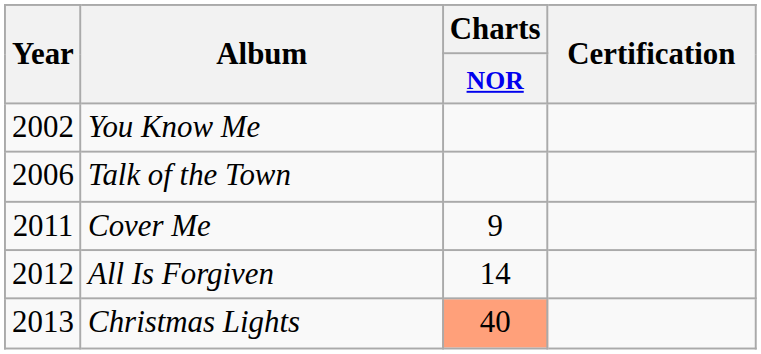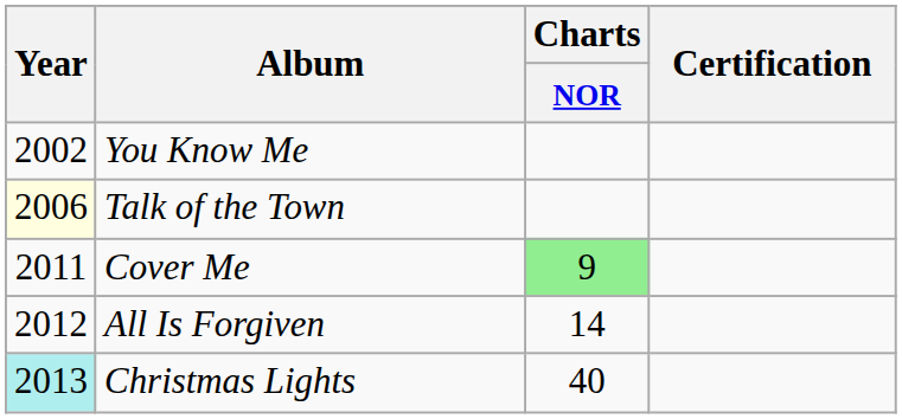 <table class="wikitable">
 <tr>
 <th align="center" rowspan="2">Year</th>
 <th align="center" rowspan="2" width="180">Album</th>
 <th align="center" colspan="1">Charts</th>
 <th align="center" rowspan="2" width="100">Certification</th>
 </tr>
 <tr>
 <th width="20"><small><a href='#'>NOR</a></small><br></th>
 </tr>
 <tr>
 <td align="center">2002</td>
 <td><em>You Know Me</em></td>
 <td align="center"></td>
 <td align="center"></td>
 </tr>
 <tr>
-<td align="center">2006</td>
+<td align="center" style="background: lightyellow;">2006</td>
 <td><em>Talk of the Town</em></td>
 <td align="center"></td>
 <td align="center"></td>
 </tr>
 <tr>
 <td align="center">2011</td>
 <td><em>Cover Me</em></td>
-<td align="center">9</td>
+<td align="center" style="background: lightgreen;">9</td>
 <td align="center"></td>
 </tr>
 <tr>
 <td align="center">2012</td>
 <td><em>All Is Forgiven</em></td>
 <td align="center">14</td>
 <td align="center"></td>
 </tr>
 <tr>
-<td align="center">2013</td>
+<td align="center" style="background: paleturquoise;">2013</td>
 <td><em>Christmas Lights</em></td>
-<td align="center" style="background: lightsalmon;">40</td>
+<td align="center">40</td>
 <td align="center"></td>
 </tr>
 </table>
